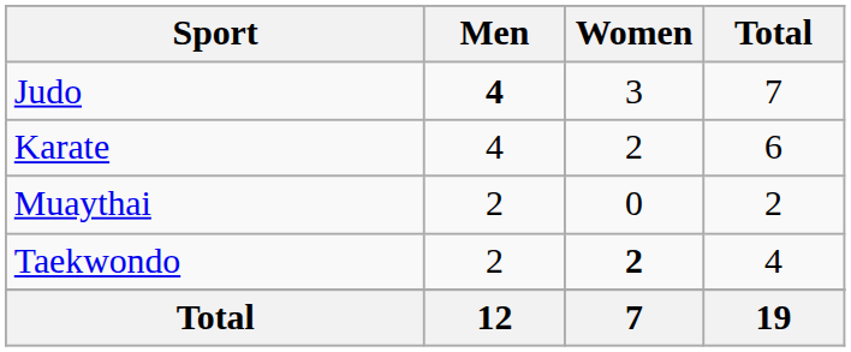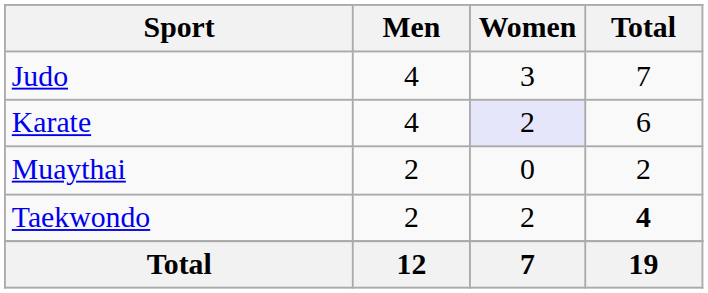 <table class="wikitable sortable" style="text-align:center;">
 <tr>
 <th width=180>Sport</th>
 <th width=55>Men</th>
 <th width=55>Women</th>
 <th width=55>Total</th>
 </tr>
 <tr>
 <td align=left><a href='#'>Judo</a></td>
-<td><strong>4</strong></td>
+<td>4</td>
 <td>3</td>
 <td>7</td>
 </tr>
 <tr>
 <td align=left><a href='#'>Karate</a></td>
 <td>4</td>
-<td>2</td>
+<td style="background: lavender;">2</td>
 <td>6</td>
 </tr>
 <tr>
 <td align=left><a href='#'>Muaythai</a></td>
 <td>2</td>
 <td>0</td>
 <td>2</td>
 </tr>
 <tr>
 <td align=left><a href='#'>Taekwondo</a></td>
 <td>2</td>
-<td><strong>2</strong></td>
-<td>4</td>
+<td>2</td>
+<td><strong>4</strong></td>
 </tr>
 <tr>
 </tr>
 <tr class="sortbottom">
 <th>Total</th>
 <th>12</th>
 <th>7</th>
 <th>19</th>
 </tr>
 </table>
